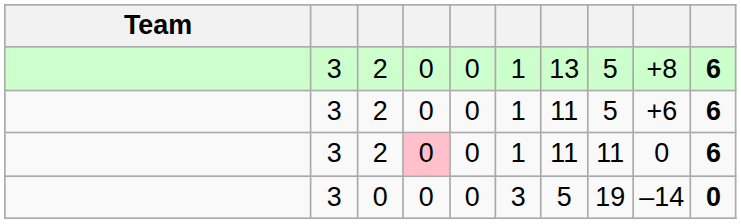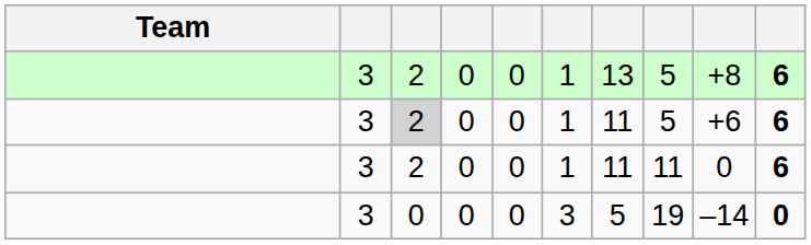 <table class="wikitable" style="text-align: center;">
 <tr>
 <th style="width:175px;">Team</th>
 <th width="20"></th>
 <th width="20"></th>
 <th width="20"></th>
 <th width="20"></th>
 <th width="20"></th>
 <th width="20"></th>
 <th width="20"></th>
 <th></th>
 <th width="20"></th>
 </tr>
 <tr bgcolor=#ccffcc>
 <td align=left></td>
 <td>3</td>
 <td>2</td>
 <td>0</td>
 <td>0</td>
 <td>1</td>
 <td>13</td>
 <td>5</td>
 <td>+8</td>
 <td><strong>6</strong></td>
 </tr>
 <tr>
 <td align=left></td>
 <td>3</td>
-<td>2</td>
+<td style="background: lightgrey;">2</td>
 <td>0</td>
 <td>0</td>
 <td>1</td>
 <td>11</td>
 <td>5</td>
 <td>+6</td>
 <td><strong>6</strong></td>
 </tr>
 <tr>
 <td align=left></td>
 <td>3</td>
 <td>2</td>
-<td style="background: pink;">0</td>
+<td>0</td>
 <td>0</td>
 <td>1</td>
 <td>11</td>
 <td>11</td>
 <td>0</td>
 <td><strong>6</strong></td>
 </tr>
 <tr>
 <td align=left></td>
 <td>3</td>
 <td>0</td>
 <td>0</td>
 <td>0</td>
 <td>3</td>
 <td>5</td>
 <td>19</td>
 <td>–14</td>
 <td><strong>0</strong></td>
 </tr>
 </table>
